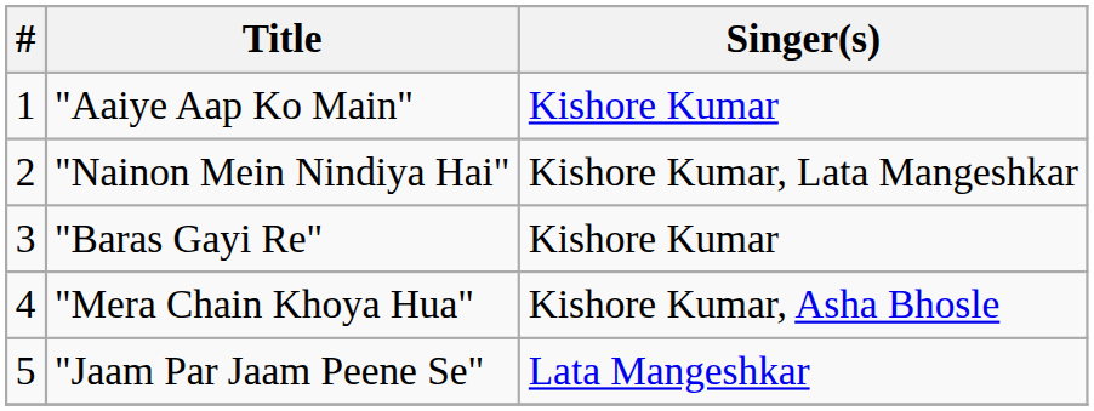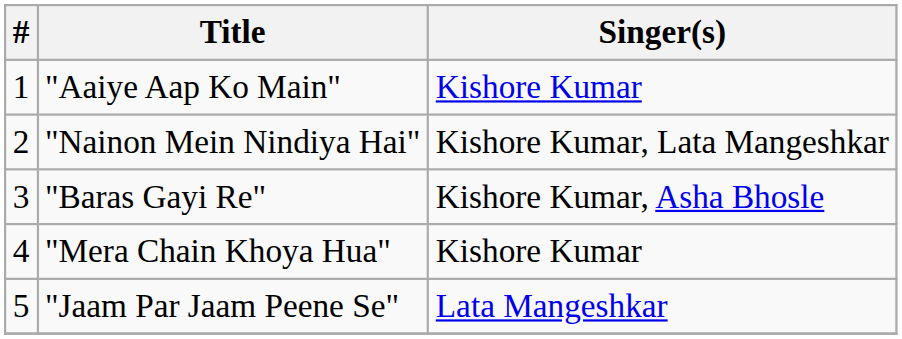 <table class="wikitable" style="font-size:95%;">
 <tr>
 <th>#</th>
 <th>Title</th>
 <th>Singer(s)</th>
 </tr>
 <tr>
 <td>1</td>
 <td>"Aaiye Aap Ko Main"</td>
 <td><a href='#'>Kishore Kumar</a></td>
 </tr>
 <tr>
 <td>2</td>
 <td>"Nainon Mein Nindiya Hai"</td>
 <td>Kishore Kumar, Lata Mangeshkar</td>
 </tr>
 <tr>
 <td>3</td>
 <td>"Baras Gayi Re"</td>
-<td>Kishore Kumar</td>
+<td>Kishore Kumar, <a href='#'>Asha Bhosle</a></td>
 </tr>
 <tr>
 <td>4</td>
 <td>"Mera Chain Khoya Hua"</td>
-<td>Kishore Kumar, <a href='#'>Asha Bhosle</a></td>
+<td>Kishore Kumar</td>
 </tr>
 <tr>
 <td>5</td>
 <td>"Jaam Par Jaam Peene Se"</td>
 <td><a href='#'>Lata Mangeshkar</a></td>
 </tr>
 <tr>
 </tr>
 </table>
